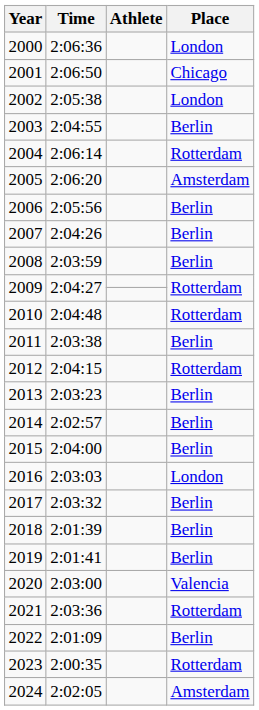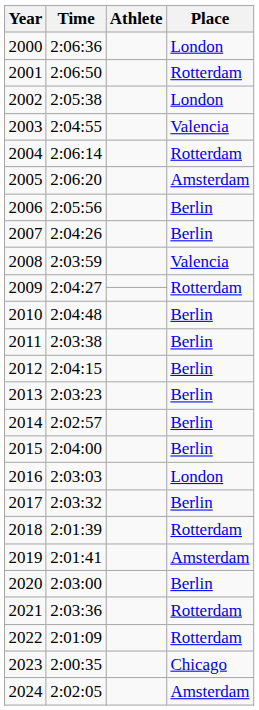 <table class="wikitable sortable" style="display:inline-table;">
 <tr>
 <th>Year</th>
 <th>Time</th>
 <th>Athlete</th>
 <th>Place</th>
 </tr>
 <tr>
 <td>2000</td>
 <td>2:06:36</td>
 <td></td>
 <td><a href='#'>London</a></td>
 </tr>
 <tr>
 <td>2001</td>
 <td>2:06:50</td>
 <td></td>
-<td><a href='#'>Chicago</a></td>
+<td><a href='#'>Rotterdam</a></td>
 </tr>
 <tr>
 <td>2002</td>
 <td>2:05:38</td>
 <td></td>
 <td><a href='#'>London</a></td>
 </tr>
 <tr>
 <td>2003</td>
 <td>2:04:55</td>
 <td></td>
-<td><a href='#'>Berlin</a></td>
+<td><a href='#'>Valencia</a></td>
 </tr>
 <tr>
 <td>2004</td>
 <td>2:06:14</td>
 <td></td>
 <td><a href='#'>Rotterdam</a></td>
 </tr>
 <tr>
 <td>2005</td>
 <td>2:06:20</td>
 <td></td>
 <td><a href='#'>Amsterdam</a></td>
 </tr>
 <tr>
 <td>2006</td>
 <td>2:05:56</td>
 <td></td>
 <td><a href='#'>Berlin</a></td>
 </tr>
 <tr>
 <td>2007</td>
 <td>2:04:26</td>
 <td></td>
 <td><a href='#'>Berlin</a></td>
 </tr>
 <tr>
 <td>2008</td>
 <td>2:03:59</td>
 <td></td>
-<td><a href='#'>Berlin</a></td>
+<td><a href='#'>Valencia</a></td>
 </tr>
 <tr>
 <td rowspan=2>2009</td>
 <td rowspan=2>2:04:27</td>
 <td></td>
 <td rowspan=2><a href='#'>Rotterdam</a></td>
 </tr>
 <tr>
 <td></td>
 </tr>
 <tr>
 <td>2010</td>
 <td>2:04:48</td>
 <td></td>
-<td><a href='#'>Rotterdam</a></td>
+<td><a href='#'>Berlin</a></td>
 </tr>
 <tr>
 <td>2011</td>
 <td>2:03:38</td>
 <td></td>
 <td><a href='#'>Berlin</a></td>
 </tr>
 <tr>
 <td>2012</td>
 <td>2:04:15</td>
 <td></td>
-<td><a href='#'>Rotterdam</a></td>
+<td><a href='#'>Berlin</a></td>
 </tr>
 <tr>
 <td>2013</td>
 <td>2:03:23</td>
 <td></td>
 <td><a href='#'>Berlin</a></td>
 </tr>
 <tr>
 <td>2014</td>
 <td>2:02:57</td>
 <td></td>
 <td><a href='#'>Berlin</a></td>
 </tr>
 <tr>
 <td>2015</td>
 <td>2:04:00</td>
 <td></td>
 <td><a href='#'>Berlin</a></td>
 </tr>
 <tr>
 <td>2016</td>
 <td>2:03:03</td>
 <td></td>
 <td><a href='#'>London</a></td>
 </tr>
 <tr>
 <td>2017</td>
 <td>2:03:32</td>
 <td></td>
 <td><a href='#'>Berlin</a></td>
 </tr>
 <tr>
 <td>2018</td>
 <td>2:01:39</td>
 <td></td>
-<td><a href='#'>Berlin</a></td>
+<td><a href='#'>Rotterdam</a></td>
 </tr>
 <tr>
 <td>2019</td>
 <td>2:01:41</td>
 <td></td>
-<td><a href='#'>Berlin</a></td>
+<td><a href='#'>Amsterdam</a></td>
 </tr>
 <tr>
 <td>2020</td>
 <td>2:03:00</td>
 <td></td>
-<td><a href='#'>Valencia</a></td>
+<td><a href='#'>Berlin</a></td>
 </tr>
 <tr>
 <td>2021</td>
 <td>2:03:36</td>
 <td></td>
 <td><a href='#'>Rotterdam</a></td>
 </tr>
 <tr>
 <td>2022</td>
 <td>2:01:09</td>
 <td></td>
-<td><a href='#'>Berlin</a></td>
+<td><a href='#'>Rotterdam</a></td>
 </tr>
 <tr>
 <td>2023</td>
 <td>2:00:35</td>
 <td></td>
-<td><a href='#'>Rotterdam</a></td>
+<td><a href='#'>Chicago</a></td>
 </tr>
 <tr>
 <td>2024</td>
 <td>2:02:05</td>
 <td></td>
 <td><a href='#'>Amsterdam</a></td>
 </tr>
 </table>
